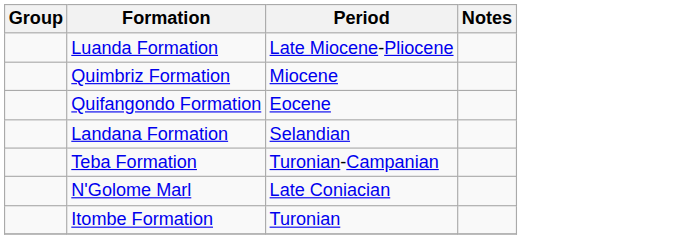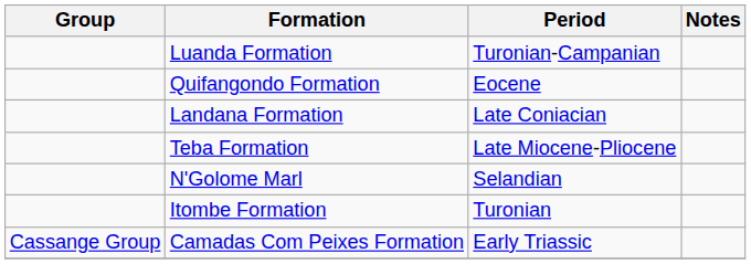 <table class="wikitable sortable">
 <tr>
 <th>Group</th>
 <th>Formation</th>
 <th>Period</th>
 <th class="unsortable">Notes</th>
 </tr>
 <tr>
 <td></td>
 <td><a href='#'>Luanda Formation</a></td>
-<td style="background-color: "><a href='#'>Late Miocene</a>-<a href='#'>Pliocene</a></td>
-<td align=center></td>
-</tr>
-<tr>
-<td></td>
-<td><a href='#'>Quimbriz Formation</a></td>
-<td style="background-color: "><a href='#'>Miocene</a></td>
+<td style="background-color: "><a href='#'>Turonian</a>-<a href='#'>Campanian</a></td>
 <td align=center></td>
 </tr>
 <tr>
 <td></td>
 <td><a href='#'>Quifangondo Formation</a></td>
 <td style="background-color: "><a href='#'>Eocene</a></td>
 <td align=center></td>
 </tr>
 <tr>
 <td></td>
 <td><a href='#'>Landana Formation</a></td>
-<td style="background-color: "><a href='#'>Selandian</a></td>
+<td style="background-color: "><a href='#'>Late Coniacian</a></td>
 <td align=center></td>
 </tr>
 <tr>
 <td></td>
 <td><a href='#'>Teba Formation</a></td>
-<td style="background-color: "><a href='#'>Turonian</a>-<a href='#'>Campanian</a></td>
+<td style="background-color: "><a href='#'>Late Miocene</a>-<a href='#'>Pliocene</a></td>
 <td align=center></td>
 </tr>
 <tr>
 <td></td>
 <td><a href='#'>N'Golome Marl</a></td>
-<td style="background-color: "><a href='#'>Late Coniacian</a></td>
+<td style="background-color: "><a href='#'>Selandian</a></td>
 <td align=center></td>
 </tr>
 <tr>
 <td></td>
 <td><a href='#'>Itombe Formation</a></td>
 <td style="background-color: "><a href='#'>Turonian</a></td>
 <td align=center></td>
 </tr>
 <tr>
+<td><a href='#'>Cassange Group</a></td>
+<td><a href='#'>Camadas Com Peixes Formation</a></td>
+<td style="background-color: "><a href='#'>Early Triassic</a></td>
+<td align=center></td>
+</tr>
+<tr>
 </tr>
 </table>
